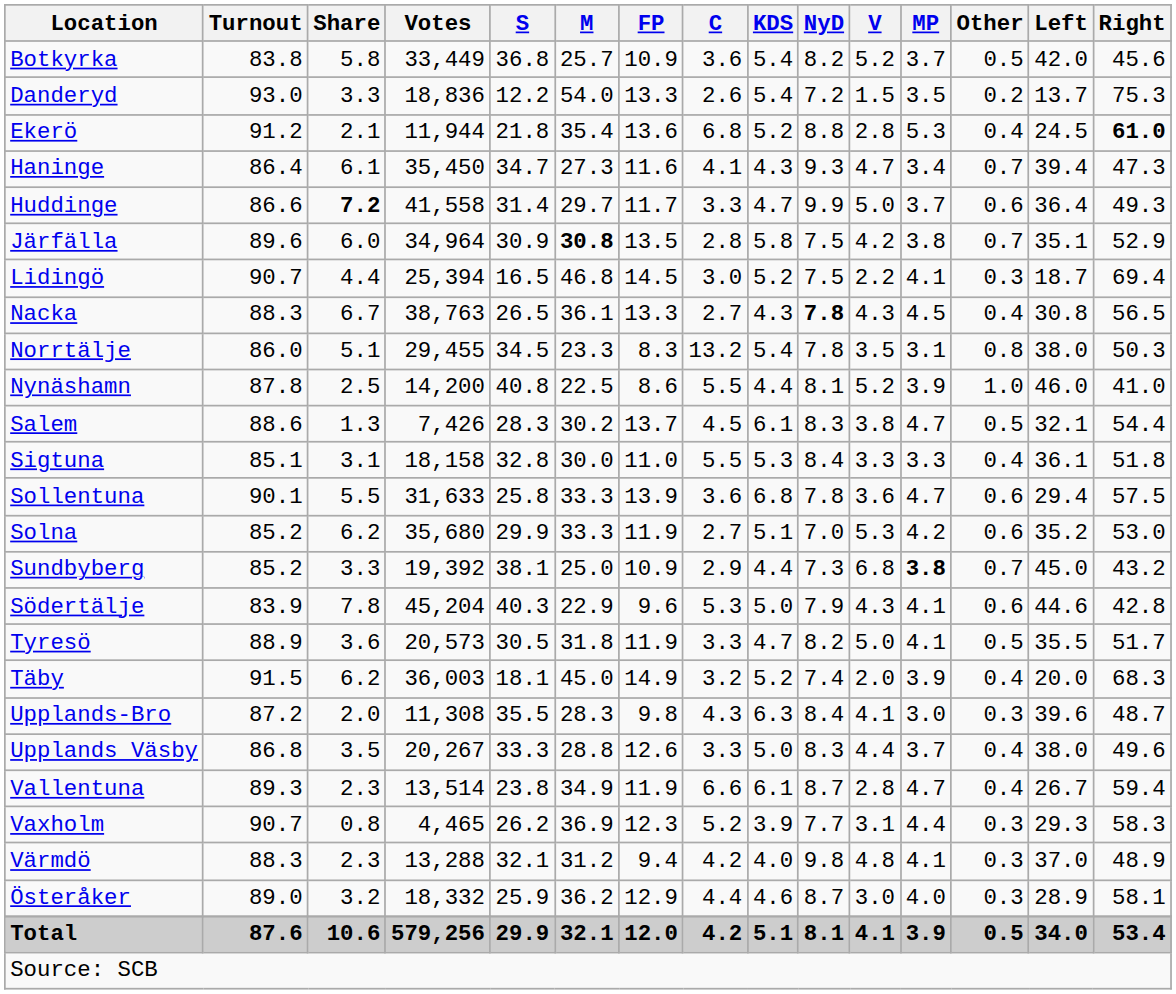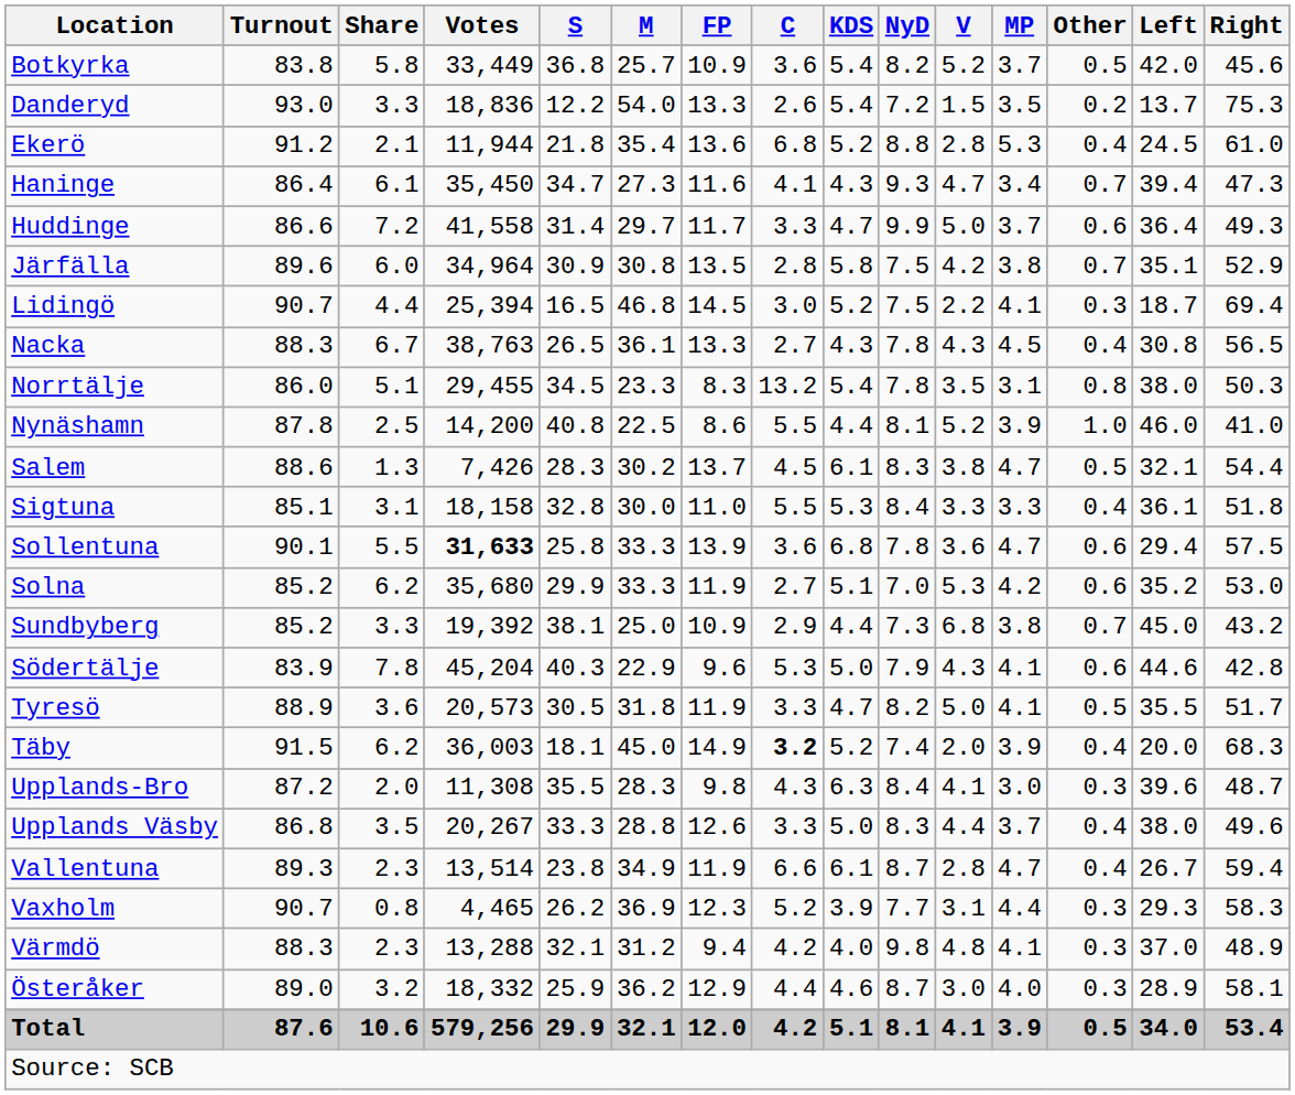 <table class="wikitable sortable" style=text-align:right>
 <tr>
 <th>Location</th>
 <th>Turnout</th>
 <th>Share</th>
 <th>Votes</th>
 <th><a href='#'>S</a></th>
 <th><a href='#'>M</a></th>
 <th><a href='#'>FP</a></th>
 <th><a href='#'>C</a></th>
 <th><a href='#'>KDS</a></th>
 <th><a href='#'>NyD</a></th>
 <th><a href='#'>V</a></th>
 <th><a href='#'>MP</a></th>
 <th>Other</th>
 <th>Left</th>
 <th>Right</th>
 </tr>
 <tr>
 <td align=left><a href='#'>Botkyrka</a></td>
 <td>83.8</td>
 <td>5.8</td>
 <td>33,449</td>
 <td>36.8</td>
 <td>25.7</td>
 <td>10.9</td>
 <td>3.6</td>
 <td>5.4</td>
 <td>8.2</td>
 <td>5.2</td>
 <td>3.7</td>
 <td>0.5</td>
 <td>42.0</td>
 <td>45.6</td>
 </tr>
 <tr>
 <td align=left><a href='#'>Danderyd</a></td>
 <td>93.0</td>
 <td>3.3</td>
 <td>18,836</td>
 <td>12.2</td>
 <td>54.0</td>
 <td>13.3</td>
 <td>2.6</td>
 <td>5.4</td>
 <td>7.2</td>
 <td>1.5</td>
 <td>3.5</td>
 <td>0.2</td>
 <td>13.7</td>
 <td>75.3</td>
 </tr>
 <tr>
 <td align=left><a href='#'>Ekerö</a></td>
 <td>91.2</td>
 <td>2.1</td>
 <td>11,944</td>
 <td>21.8</td>
 <td>35.4</td>
 <td>13.6</td>
 <td>6.8</td>
 <td>5.2</td>
 <td>8.8</td>
 <td>2.8</td>
 <td>5.3</td>
 <td>0.4</td>
 <td>24.5</td>
-<td><strong>61.0</strong></td>
+<td>61.0</td>
 </tr>
 <tr>
 <td align=left><a href='#'>Haninge</a></td>
 <td>86.4</td>
 <td>6.1</td>
 <td>35,450</td>
 <td>34.7</td>
 <td>27.3</td>
 <td>11.6</td>
 <td>4.1</td>
 <td>4.3</td>
 <td>9.3</td>
 <td>4.7</td>
 <td>3.4</td>
 <td>0.7</td>
 <td>39.4</td>
 <td>47.3</td>
 </tr>
 <tr>
 <td align=left><a href='#'>Huddinge</a></td>
 <td>86.6</td>
-<td><strong>7.2</strong></td>
+<td>7.2</td>
 <td>41,558</td>
 <td>31.4</td>
 <td>29.7</td>
 <td>11.7</td>
 <td>3.3</td>
 <td>4.7</td>
 <td>9.9</td>
 <td>5.0</td>
 <td>3.7</td>
 <td>0.6</td>
 <td>36.4</td>
 <td>49.3</td>
 </tr>
 <tr>
 <td align=left><a href='#'>Järfälla</a></td>
 <td>89.6</td>
 <td>6.0</td>
 <td>34,964</td>
 <td>30.9</td>
-<td><strong>30.8</strong></td>
+<td>30.8</td>
 <td>13.5</td>
 <td>2.8</td>
 <td>5.8</td>
 <td>7.5</td>
 <td>4.2</td>
 <td>3.8</td>
 <td>0.7</td>
 <td>35.1</td>
 <td>52.9</td>
 </tr>
 <tr>
 <td align=left><a href='#'>Lidingö</a></td>
 <td>90.7</td>
 <td>4.4</td>
 <td>25,394</td>
 <td>16.5</td>
 <td>46.8</td>
 <td>14.5</td>
 <td>3.0</td>
 <td>5.2</td>
 <td>7.5</td>
 <td>2.2</td>
 <td>4.1</td>
 <td>0.3</td>
 <td>18.7</td>
 <td>69.4</td>
 </tr>
 <tr>
 <td align=left><a href='#'>Nacka</a></td>
 <td>88.3</td>
 <td>6.7</td>
 <td>38,763</td>
 <td>26.5</td>
 <td>36.1</td>
 <td>13.3</td>
 <td>2.7</td>
 <td>4.3</td>
-<td><strong>7.8</strong></td>
+<td>7.8</td>
 <td>4.3</td>
 <td>4.5</td>
 <td>0.4</td>
 <td>30.8</td>
 <td>56.5</td>
 </tr>
 <tr>
 <td align=left><a href='#'>Norrtälje</a></td>
 <td>86.0</td>
 <td>5.1</td>
 <td>29,455</td>
 <td>34.5</td>
 <td>23.3</td>
 <td>8.3</td>
 <td>13.2</td>
 <td>5.4</td>
 <td>7.8</td>
 <td>3.5</td>
 <td>3.1</td>
 <td>0.8</td>
 <td>38.0</td>
 <td>50.3</td>
 </tr>
 <tr>
 <td align=left><a href='#'>Nynäshamn</a></td>
 <td>87.8</td>
 <td>2.5</td>
 <td>14,200</td>
 <td>40.8</td>
 <td>22.5</td>
 <td>8.6</td>
 <td>5.5</td>
 <td>4.4</td>
 <td>8.1</td>
 <td>5.2</td>
 <td>3.9</td>
 <td>1.0</td>
 <td>46.0</td>
 <td>41.0</td>
 </tr>
 <tr>
 <td align=left><a href='#'>Salem</a></td>
 <td>88.6</td>
 <td>1.3</td>
 <td>7,426</td>
 <td>28.3</td>
 <td>30.2</td>
 <td>13.7</td>
 <td>4.5</td>
 <td>6.1</td>
 <td>8.3</td>
 <td>3.8</td>
 <td>4.7</td>
 <td>0.5</td>
 <td>32.1</td>
 <td>54.4</td>
 </tr>
 <tr>
 <td align=left><a href='#'>Sigtuna</a></td>
 <td>85.1</td>
 <td>3.1</td>
 <td>18,158</td>
 <td>32.8</td>
 <td>30.0</td>
 <td>11.0</td>
 <td>5.5</td>
 <td>5.3</td>
 <td>8.4</td>
 <td>3.3</td>
 <td>3.3</td>
 <td>0.4</td>
 <td>36.1</td>
 <td>51.8</td>
 </tr>
 <tr>
 <td align=left><a href='#'>Sollentuna</a></td>
 <td>90.1</td>
 <td>5.5</td>
-<td>31,633</td>
+<td><strong>31,633</strong></td>
 <td>25.8</td>
 <td>33.3</td>
 <td>13.9</td>
 <td>3.6</td>
 <td>6.8</td>
 <td>7.8</td>
 <td>3.6</td>
 <td>4.7</td>
 <td>0.6</td>
 <td>29.4</td>
 <td>57.5</td>
 </tr>
 <tr>
 <td align=left><a href='#'>Solna</a></td>
 <td>85.2</td>
 <td>6.2</td>
 <td>35,680</td>
 <td>29.9</td>
 <td>33.3</td>
 <td>11.9</td>
 <td>2.7</td>
 <td>5.1</td>
 <td>7.0</td>
 <td>5.3</td>
 <td>4.2</td>
 <td>0.6</td>
 <td>35.2</td>
 <td>53.0</td>
 </tr>
 <tr>
 <td align=left><a href='#'>Sundbyberg</a></td>
 <td>85.2</td>
 <td>3.3</td>
 <td>19,392</td>
 <td>38.1</td>
 <td>25.0</td>
 <td>10.9</td>
 <td>2.9</td>
 <td>4.4</td>
 <td>7.3</td>
 <td>6.8</td>
-<td><strong>3.8</strong></td>
+<td>3.8</td>
 <td>0.7</td>
 <td>45.0</td>
 <td>43.2</td>
 </tr>
 <tr>
 <td align=left><a href='#'>Södertälje</a></td>
 <td>83.9</td>
 <td>7.8</td>
 <td>45,204</td>
 <td>40.3</td>
 <td>22.9</td>
 <td>9.6</td>
 <td>5.3</td>
 <td>5.0</td>
 <td>7.9</td>
 <td>4.3</td>
 <td>4.1</td>
 <td>0.6</td>
 <td>44.6</td>
 <td>42.8</td>
 </tr>
 <tr>
 <td align=left><a href='#'>Tyresö</a></td>
 <td>88.9</td>
 <td>3.6</td>
 <td>20,573</td>
 <td>30.5</td>
 <td>31.8</td>
 <td>11.9</td>
 <td>3.3</td>
 <td>4.7</td>
 <td>8.2</td>
 <td>5.0</td>
 <td>4.1</td>
 <td>0.5</td>
 <td>35.5</td>
 <td>51.7</td>
 </tr>
 <tr>
 <td align=left><a href='#'>Täby</a></td>
 <td>91.5</td>
 <td>6.2</td>
 <td>36,003</td>
 <td>18.1</td>
 <td>45.0</td>
 <td>14.9</td>
-<td>3.2</td>
+<td><strong>3.2</strong></td>
 <td>5.2</td>
 <td>7.4</td>
 <td>2.0</td>
 <td>3.9</td>
 <td>0.4</td>
 <td>20.0</td>
 <td>68.3</td>
 </tr>
 <tr>
 <td align=left><a href='#'>Upplands-Bro</a></td>
 <td>87.2</td>
 <td>2.0</td>
 <td>11,308</td>
 <td>35.5</td>
 <td>28.3</td>
 <td>9.8</td>
 <td>4.3</td>
 <td>6.3</td>
 <td>8.4</td>
 <td>4.1</td>
 <td>3.0</td>
 <td>0.3</td>
 <td>39.6</td>
 <td>48.7</td>
 </tr>
 <tr>
 <td align=left><a href='#'>Upplands Väsby</a></td>
 <td>86.8</td>
 <td>3.5</td>
 <td>20,267</td>
 <td>33.3</td>
 <td>28.8</td>
 <td>12.6</td>
 <td>3.3</td>
 <td>5.0</td>
 <td>8.3</td>
 <td>4.4</td>
 <td>3.7</td>
 <td>0.4</td>
 <td>38.0</td>
 <td>49.6</td>
 </tr>
 <tr>
 <td align=left><a href='#'>Vallentuna</a></td>
 <td>89.3</td>
 <td>2.3</td>
 <td>13,514</td>
 <td>23.8</td>
 <td>34.9</td>
 <td>11.9</td>
 <td>6.6</td>
 <td>6.1</td>
 <td>8.7</td>
 <td>2.8</td>
 <td>4.7</td>
 <td>0.4</td>
 <td>26.7</td>
 <td>59.4</td>
 </tr>
 <tr>
 <td align=left><a href='#'>Vaxholm</a></td>
 <td>90.7</td>
 <td>0.8</td>
 <td>4,465</td>
 <td>26.2</td>
 <td>36.9</td>
 <td>12.3</td>
 <td>5.2</td>
 <td>3.9</td>
 <td>7.7</td>
 <td>3.1</td>
 <td>4.4</td>
 <td>0.3</td>
 <td>29.3</td>
 <td>58.3</td>
 </tr>
 <tr>
 <td align=left><a href='#'>Värmdö</a></td>
 <td>88.3</td>
 <td>2.3</td>
 <td>13,288</td>
 <td>32.1</td>
 <td>31.2</td>
 <td>9.4</td>
 <td>4.2</td>
 <td>4.0</td>
 <td>9.8</td>
 <td>4.8</td>
 <td>4.1</td>
 <td>0.3</td>
 <td>37.0</td>
 <td>48.9</td>
 </tr>
 <tr>
 <td align=left><a href='#'>Österåker</a></td>
 <td>89.0</td>
 <td>3.2</td>
 <td>18,332</td>
 <td>25.9</td>
 <td>36.2</td>
 <td>12.9</td>
 <td>4.4</td>
 <td>4.6</td>
 <td>8.7</td>
 <td>3.0</td>
 <td>4.0</td>
 <td>0.3</td>
 <td>28.9</td>
 <td>58.1</td>
 </tr>
 <tr>
 </tr>
 <tr style="background:#CDCDCD;">
 <td align=left><strong>Total</strong></td>
 <td><strong>87.6</strong></td>
 <td><strong>10.6</strong></td>
 <td><strong>579,256</strong></td>
 <td><strong>29.9</strong></td>
 <td><strong>32.1</strong></td>
 <td><strong>12.0</strong></td>
 <td><strong>4.2</strong></td>
 <td><strong>5.1</strong></td>
 <td><strong>8.1</strong></td>
 <td><strong>4.1</strong></td>
 <td><strong>3.9</strong></td>
 <td><strong>0.5</strong></td>
 <td><strong>34.0</strong></td>
 <td><strong>53.4</strong></td>
 </tr>
 <tr>
 <td align=left colspan=15>Source: SCB </td>
 </tr>
 </table>
